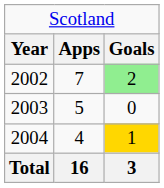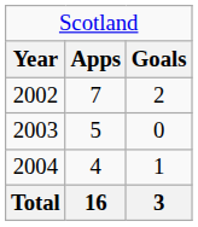 <table class="wikitable" style="text-align:center">
 <tr>
 <td colspan=3><a href='#'>Scotland</a></td>
 </tr>
 <tr>
 <th>Year</th>
 <th>Apps</th>
 <th>Goals</th>
 </tr>
 <tr>
 <td>2002</td>
 <td>7</td>
-<td style="background: lightgreen;">2</td>
+<td>2</td>
 </tr>
 <tr>
 <td>2003</td>
 <td>5</td>
 <td>0</td>
 </tr>
 <tr>
 <td>2004</td>
 <td>4</td>
-<td style="background: gold;">1</td>
+<td>1</td>
 </tr>
 <tr>
 <th>Total</th>
 <th>16</th>
 <th>3</th>
 </tr>
 </table>
